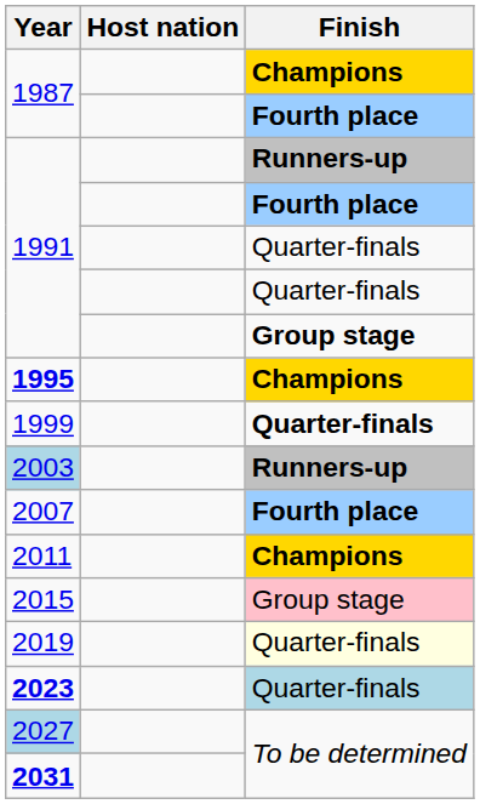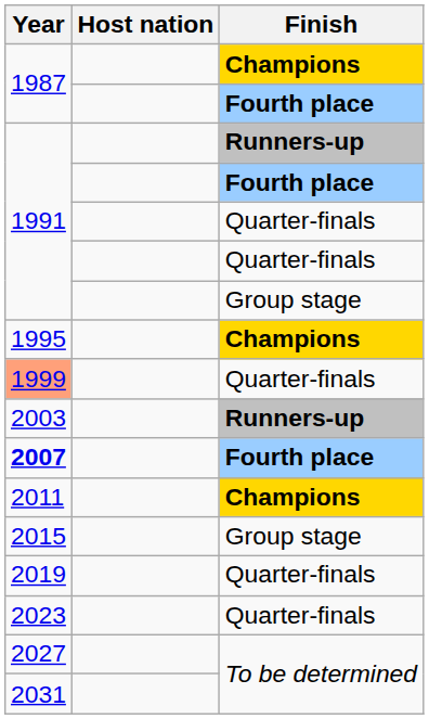 <table class=wikitable>
 <tr>
 <th>Year</th>
 <th>Host nation</th>
 <th>Finish</th>
 </tr>
 <tr>
 <td rowspan=2><a href='#'>1987</a></td>
 <td></td>
 <td bgcolor=Gold><strong>Champions</strong></td>
 </tr>
 <tr>
 <td></td>
 <td bgcolor=#9acdff><strong>Fourth place</strong></td>
 </tr>
 <tr>
 <td rowspan=5><a href='#'>1991</a></td>
 <td></td>
 <td bgcolor=Silver><strong>Runners-up</strong></td>
 </tr>
 <tr>
 <td></td>
 <td bgcolor=#9acdff><strong>Fourth place</strong></td>
 </tr>
 <tr>
 <td></td>
 <td>Quarter-finals</td>
 </tr>
 <tr>
 <td></td>
 <td>Quarter-finals</td>
 </tr>
 <tr>
 <td></td>
-<td><strong>Group stage</strong></td>
+<td>Group stage</td>
 </tr>
 <tr>
-<td><strong><a href='#'>1995</a></strong></td>
+<td><a href='#'>1995</a></td>
 <td></td>
 <td bgcolor=Gold><strong>Champions</strong></td>
 </tr>
 <tr>
-<td><a href='#'>1999</a></td>
+<td style="background: lightsalmon;"><a href='#'>1999</a></td>
 <td></td>
-<td><strong>Quarter-finals</strong></td>
+<td>Quarter-finals</td>
 </tr>
 <tr>
-<td style="background: lightblue;"><a href='#'>2003</a></td>
+<td><a href='#'>2003</a></td>
 <td></td>
 <td bgcolor=Silver><strong>Runners-up</strong></td>
 </tr>
 <tr>
-<td><a href='#'>2007</a></td>
+<td><strong><a href='#'>2007</a></strong></td>
 <td></td>
 <td bgcolor=#9acdff><strong>Fourth place</strong></td>
 </tr>
 <tr>
 <td><a href='#'>2011</a></td>
 <td></td>
 <td bgcolor=Gold><strong>Champions</strong></td>
 </tr>
 <tr>
 <td><a href='#'>2015</a></td>
 <td></td>
-<td style="background: pink;">Group stage</td>
+<td>Group stage</td>
 </tr>
 <tr>
 <td><a href='#'>2019</a></td>
 <td></td>
-<td style="background: lightyellow;">Quarter-finals</td>
+<td>Quarter-finals</td>
 </tr>
 <tr>
-<td><strong><a href='#'>2023</a></strong></td>
+<td><a href='#'>2023</a></td>
 <td></td>
-<td style="background: lightblue;">Quarter-finals</td>
+<td>Quarter-finals</td>
 </tr>
 <tr>
-<td style="background: lightblue;"><a href='#'>2027</a></td>
+<td><a href='#'>2027</a></td>
 <td></td>
 <td rowspan=2><em>To be determined</em></td>
 </tr>
 <tr>
-<td><strong><a href='#'>2031</a></strong></td>
+<td><a href='#'>2031</a></td>
 <td></td>
 </tr>
 </table>
